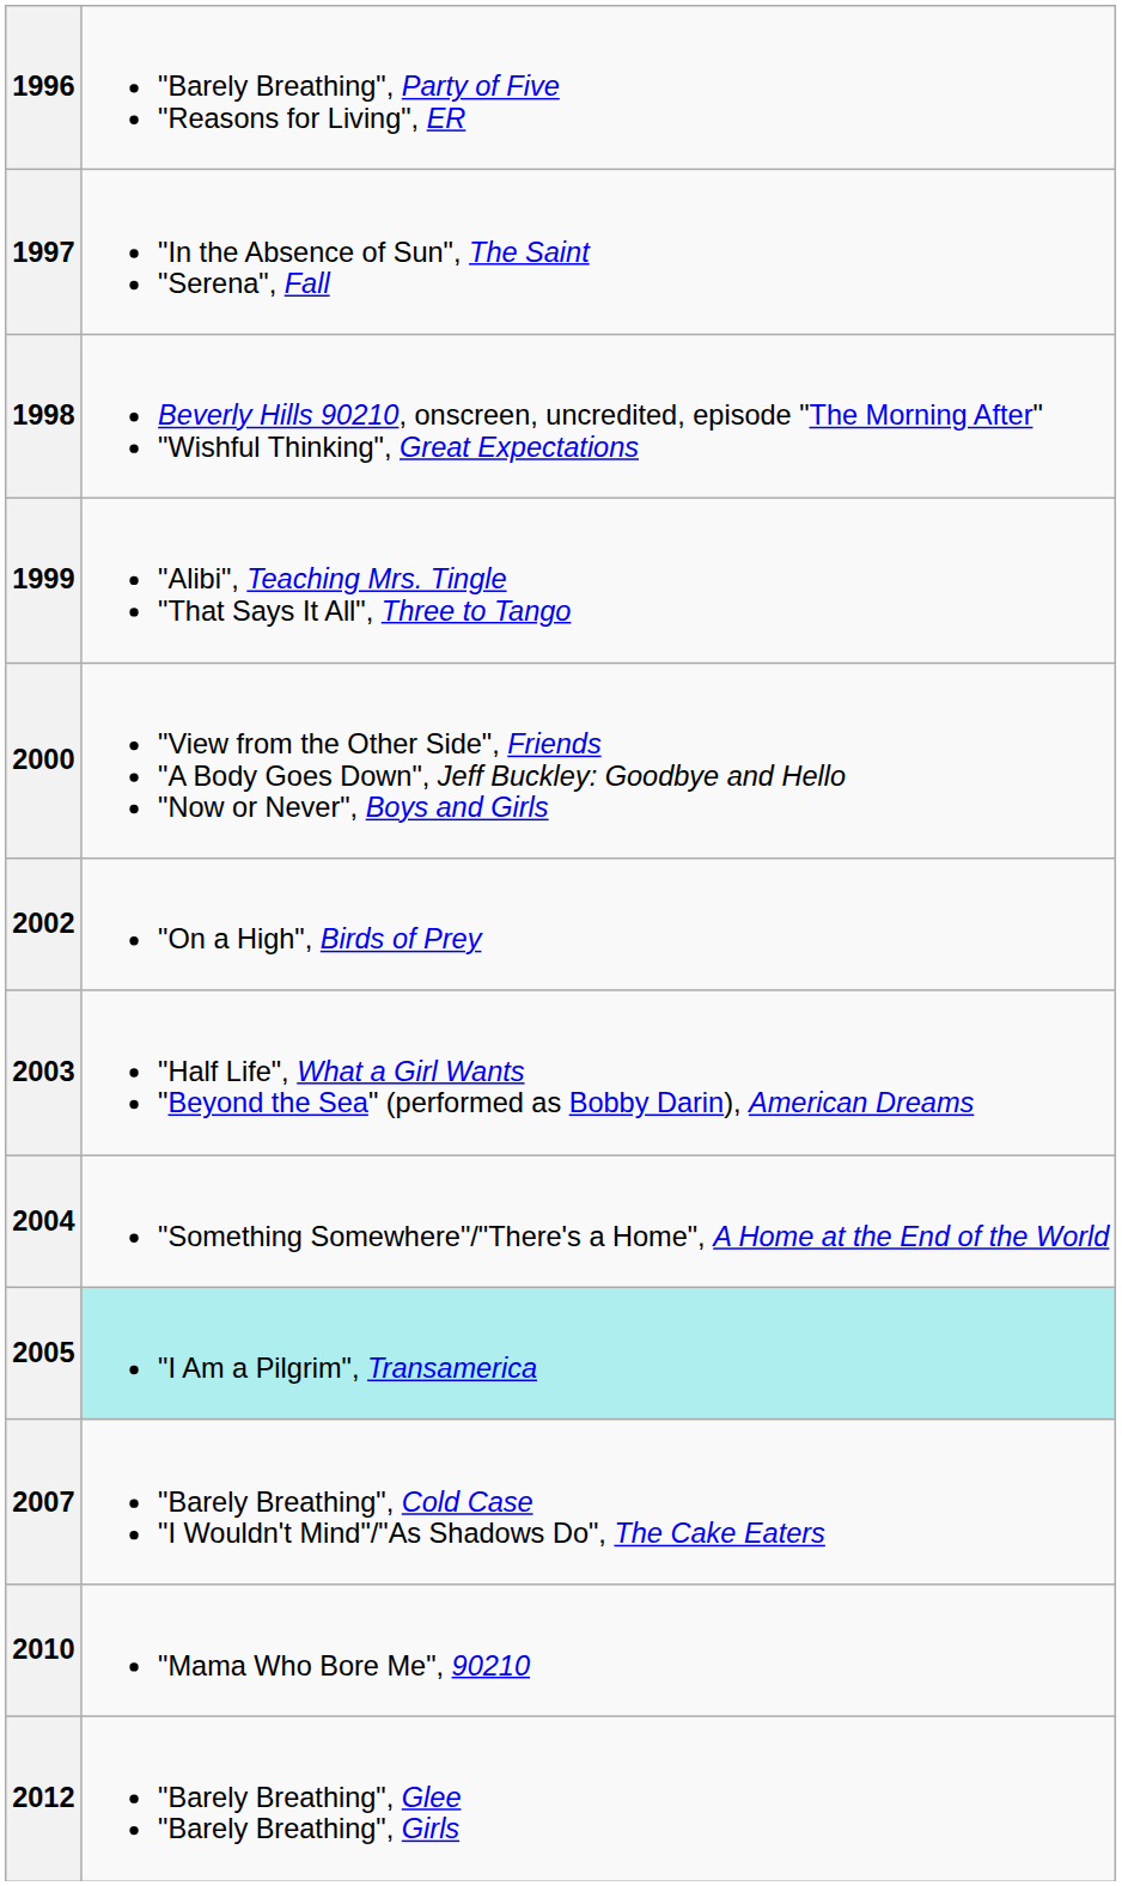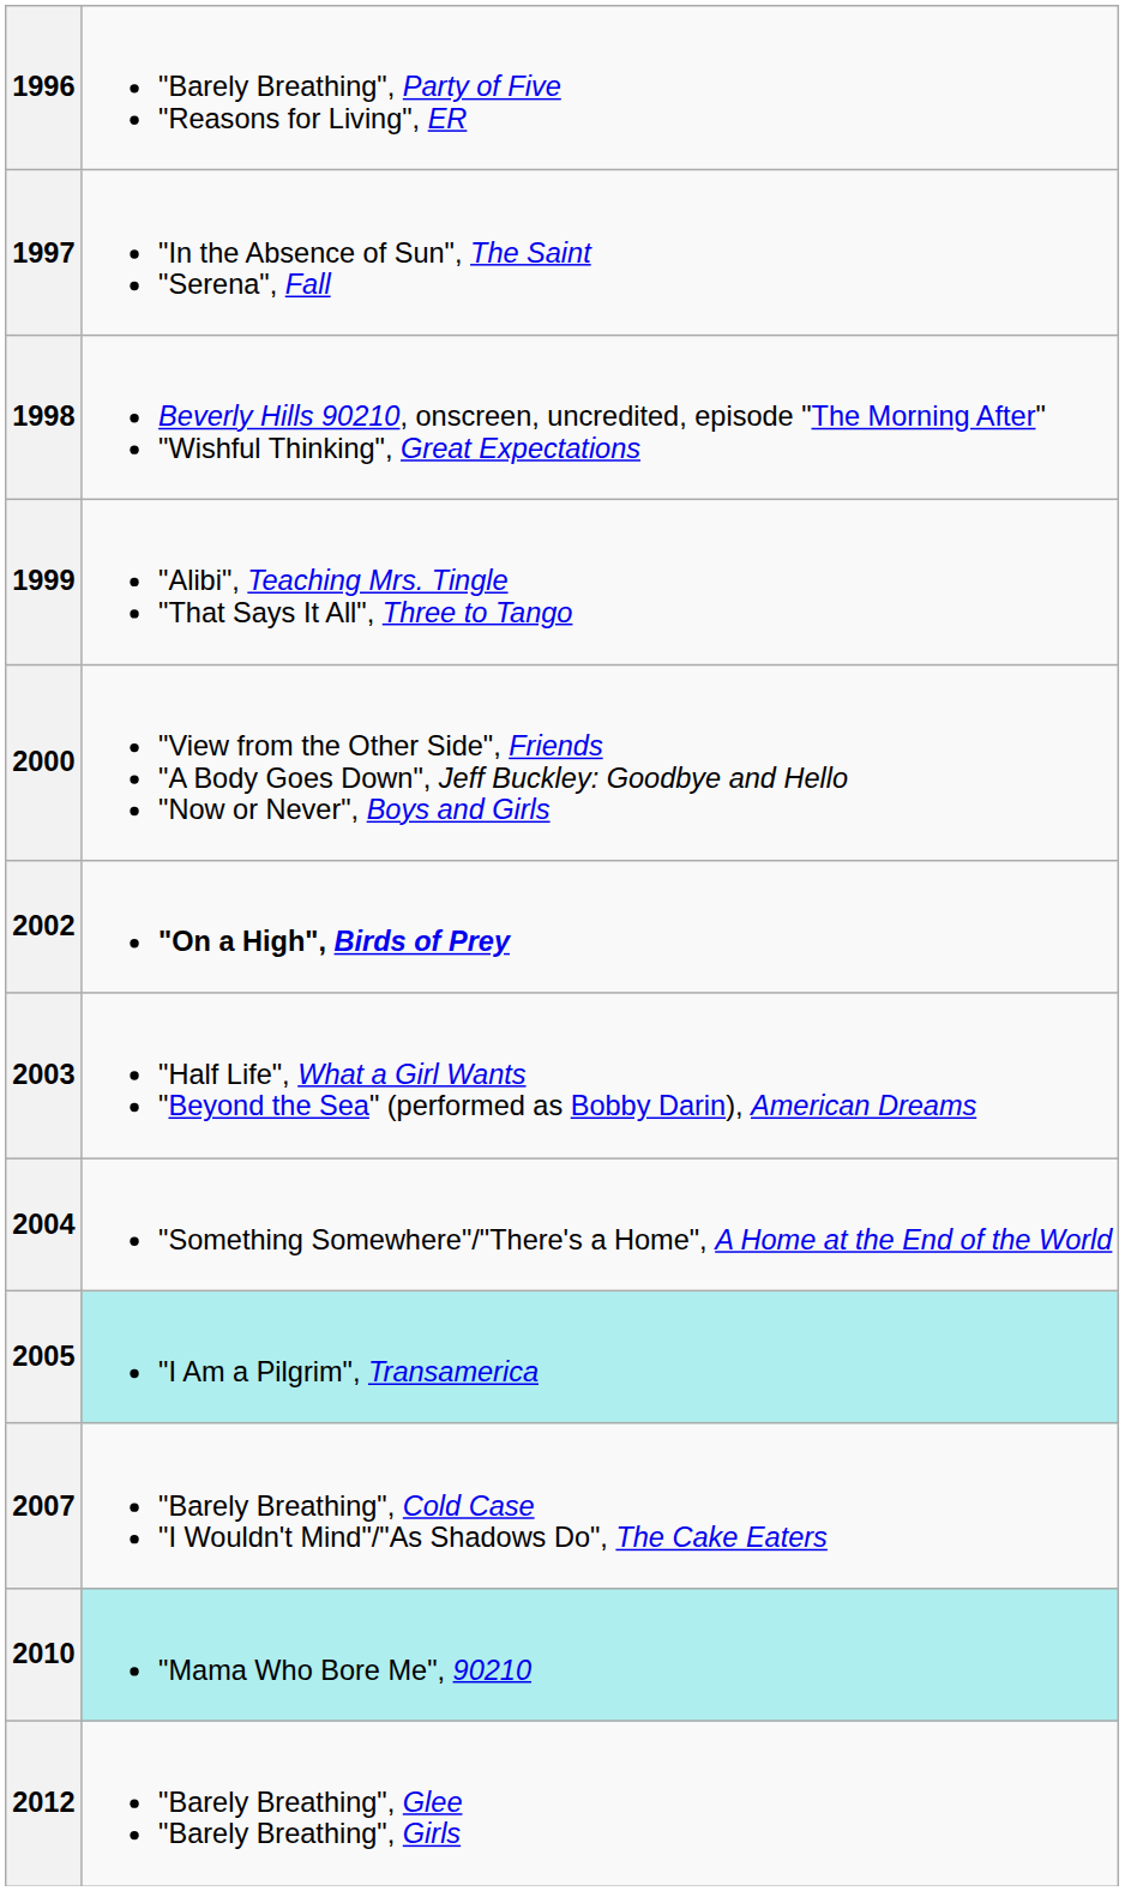 <table class="wikitable">
 <tr>
 <th>1996</th>
 <td><br><ul><li>"Barely Breathing", <em><a href='#'>Party of Five</a></em></li><li>"Reasons for Living", <em><a href='#'>ER</a></em></li></ul></td>
 </tr>
 <tr>
 <th>1997</th>
 <td><br><ul><li>"In the Absence of Sun", <em><a href='#'>The Saint</a></em></li><li>"Serena", <em><a href='#'>Fall</a></em></li></ul></td>
 </tr>
 <tr>
 <th>1998</th>
 <td><br><ul><li><em><a href='#'>Beverly Hills 90210</a></em>, onscreen, uncredited, episode "<a href='#'>The Morning After</a>"</li><li>"Wishful Thinking", <em><a href='#'>Great Expectations</a></em></li></ul></td>
 </tr>
 <tr>
 <th>1999</th>
 <td><br><ul><li>"Alibi", <em><a href='#'>Teaching Mrs. Tingle</a></em></li><li>"That Says It All", <em><a href='#'>Three to Tango</a></em></li></ul></td>
 </tr>
 <tr>
 <th>2000</th>
 <td><br><ul><li>"View from the Other Side", <em><a href='#'>Friends</a></em></li><li>"A Body Goes Down", <em>Jeff Buckley: Goodbye and Hello</em></li><li>"Now or Never", <em><a href='#'>Boys and Girls</a></em></li></ul></td>
 </tr>
 <tr>
 <th>2002</th>
-<td><br><ul><li>"On a High", <em><a href='#'>Birds of Prey</a></em></li></ul></td>
+<td><strong><br><ul><li>"On a High", <em><a href='#'>Birds of Prey</a></em></li></ul></strong></td>
 </tr>
 <tr>
 <th>2003</th>
 <td><br><ul><li>"Half Life", <em><a href='#'>What a Girl Wants</a></em></li><li>"<a href='#'>Beyond the Sea</a>" (performed as <a href='#'>Bobby Darin</a>), <em><a href='#'>American Dreams</a></em></li></ul></td>
 </tr>
 <tr>
 <th>2004</th>
 <td><br><ul><li>"Something Somewhere"/"There's a Home", <em><a href='#'>A Home at the End of the World</a></em></li></ul></td>
 </tr>
 <tr>
 <th>2005</th>
 <td style="background: paleturquoise;"><br><ul><li>"I Am a Pilgrim", <em><a href='#'>Transamerica</a></em></li></ul></td>
 </tr>
 <tr>
 <th>2007</th>
 <td><br><ul><li>"Barely Breathing", <em><a href='#'>Cold Case</a></em></li><li>"I Wouldn't Mind"/"As Shadows Do", <em><a href='#'>The Cake Eaters</a></em></li></ul></td>
 </tr>
 <tr>
 <th>2010</th>
-<td><br><ul><li>"Mama Who Bore Me", <em><a href='#'>90210</a></em></li></ul></td>
+<td style="background: paleturquoise;"><br><ul><li>"Mama Who Bore Me", <em><a href='#'>90210</a></em></li></ul></td>
 </tr>
 <tr>
 <th>2012</th>
 <td><br><ul><li>"Barely Breathing", <em><a href='#'>Glee</a></em></li><li>"Barely Breathing", <em><a href='#'>Girls</a></em></li></ul></td>
 </tr>
 </table>
